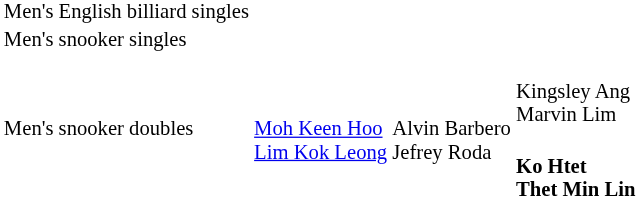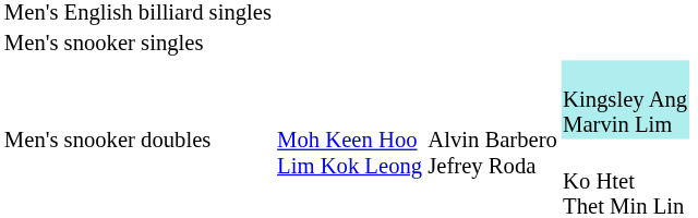 <table>
 <tr>
 <td rowspan=2>Men's English billiard singles</td>
 <td rowspan=2></td>
 <td rowspan=2></td>
 <td></td>
 </tr>
 <tr>
 <td></td>
 </tr>
 <tr>
 <td rowspan=2>Men's snooker singles</td>
 <td rowspan=2 nowrap></td>
 <td rowspan=2></td>
 <td></td>
 </tr>
 <tr>
 <td nowrap></td>
 </tr>
 <tr>
 <td rowspan=2>Men's snooker doubles</td>
 <td rowspan=2><br><a href='#'>Moh Keen Hoo</a><br><a href='#'>Lim Kok Leong</a></td>
 <td rowspan=2 nowrap><br>Alvin Barbero<br>Jefrey Roda</td>
-<td><br>Kingsley Ang<br>Marvin Lim</td>
+<td style="background: paleturquoise;"><br>Kingsley Ang<br>Marvin Lim</td>
 </tr>
 <tr>
-<td><strong><br>Ko Htet<br>Thet Min Lin</strong></td>
+<td><br>Ko Htet<br>Thet Min Lin</td>
 </tr>
 </table>
